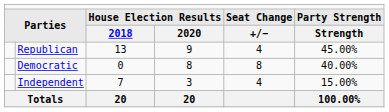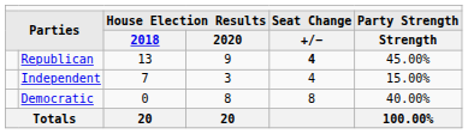 <table class   ="wikitable">
 <tr>
 <td colspan="6"></td>
 </tr>
 <tr>
 <th style   ="background:#e9e9e9; text-align:center" rowspan="2" colspan="2">Parties</th>
 <th style   ="background:#e9e9e9; text-align:center" colspan="2">House Election Results</th>
 <th style   ="background:#e9e9e9; text-align:center" colspan="1">Seat Change</th>
 <th style   ="background:#e9e9e9; text-align:center" colspan="1">Party Strength</th>
 </tr>
 <tr style ="background:#e9e9e9">
 <th><a href='#'>2018</a></th>
 <th>2020</th>
 <th>+/−</th>
 <th>Strength</th>
 </tr>
 <tr>
 <td style="background-color:"> </td>
 <td><a href='#'>Republican</a></td>
 <td align = center>13</td>
 <td align = center>9</td>
+<td align = center><strong>4 </strong></td>
+<td align = center>45.00%</td>
+</tr>
+<tr>
+<td style="background-color:"> </td>
+<td><a href='#'>Independent</a></td>
+<td align = center>7</td>
+<td align = center>3</td>
 <td align = center>4 </td>
-<td align = center>45.00%</td>
+<td align = center>15.00%</td>
 </tr>
 <tr>
 <td style="background-color:"> </td>
 <td><a href='#'>Democratic</a></td>
 <td align = center>0</td>
 <td align = center>8</td>
 <td align = center>8 </td>
 <td align = center>40.00%</td>
 </tr>
-<tr>
-<td style="background-color:"> </td>
-<td><a href='#'>Independent</a></td>
-<td align = center>7</td>
-<td align = center>3</td>
-<td align = center>4 </td>
-<td align = center>15.00%</td>
-</tr>
 <tr style = "background:#ccc">
 <th colspan = "2">Totals</th>
 <th>20</th>
 <th>20</th>
 <th></th>
 <th>100.00%</th>
 </tr>
 </table>
